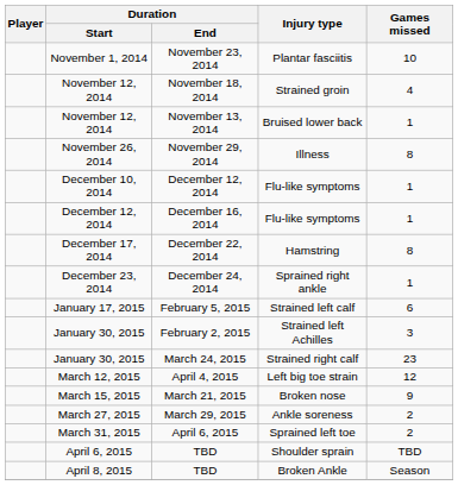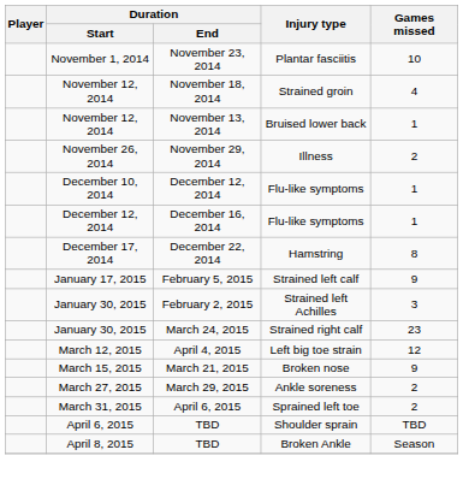 <table class="wikitable sortable collapsible" style="text-align:center;">
 <tr>
 <th rowspan="2">Player</th>
 <th colspan="2">Duration</th>
 <th rowspan="2">Injury type</th>
 <th rowspan="2">Games missed</th>
 </tr>
 <tr>
 <th>Start</th>
 <th>End</th>
 </tr>
 <tr>
 <td></td>
 <td>November 1, 2014</td>
 <td>November 23, 2014</td>
 <td>Plantar fasciitis</td>
 <td>10</td>
 </tr>
 <tr>
 <td></td>
 <td>November 12, 2014</td>
 <td>November 18, 2014</td>
 <td>Strained groin</td>
 <td>4</td>
 </tr>
 <tr>
 <td></td>
 <td>November 12, 2014</td>
 <td>November 13, 2014</td>
 <td>Bruised lower back</td>
 <td>1</td>
 </tr>
 <tr>
 <td></td>
 <td>November 26, 2014</td>
 <td>November 29, 2014</td>
 <td>Illness</td>
-<td>8</td>
+<td>2</td>
 </tr>
 <tr>
 <td></td>
 <td>December 10, 2014</td>
 <td>December 12, 2014</td>
 <td>Flu-like symptoms</td>
 <td>1</td>
 </tr>
 <tr>
 <td></td>
 <td>December 12, 2014</td>
 <td>December 16, 2014</td>
 <td>Flu-like symptoms</td>
 <td>1</td>
 </tr>
 <tr>
 <td></td>
 <td>December 17, 2014</td>
 <td>December 22, 2014</td>
 <td>Hamstring</td>
 <td>8</td>
 </tr>
 <tr>
 <td></td>
-<td>December 23, 2014</td>
-<td>December 24, 2014</td>
-<td>Sprained right ankle</td>
-<td>1</td>
-</tr>
-<tr>
-<td></td>
 <td>January 17, 2015</td>
 <td>February 5, 2015</td>
 <td>Strained left calf</td>
-<td>6</td>
+<td>9</td>
 </tr>
 <tr>
 <td></td>
 <td>January 30, 2015</td>
 <td>February 2, 2015</td>
 <td>Strained left Achilles</td>
 <td>3</td>
 </tr>
 <tr>
 <td></td>
 <td>January 30, 2015</td>
 <td>March 24, 2015</td>
 <td>Strained right calf</td>
 <td>23</td>
 </tr>
 <tr>
 <td></td>
 <td>March 12, 2015</td>
 <td>April 4, 2015</td>
 <td>Left big toe strain</td>
 <td>12</td>
 </tr>
 <tr>
 <td></td>
 <td>March 15, 2015</td>
 <td>March 21, 2015</td>
 <td>Broken nose</td>
 <td>9</td>
 </tr>
 <tr>
 <td></td>
 <td>March 27, 2015</td>
 <td>March 29, 2015</td>
 <td>Ankle soreness</td>
 <td>2</td>
 </tr>
 <tr>
 <td></td>
 <td>March 31, 2015</td>
 <td>April 6, 2015</td>
 <td>Sprained left toe</td>
 <td>2</td>
 </tr>
 <tr>
 <td></td>
 <td>April 6, 2015</td>
 <td>TBD</td>
 <td>Shoulder sprain</td>
 <td>TBD</td>
 </tr>
 <tr>
 <td></td>
 <td>April 8, 2015</td>
 <td>TBD</td>
 <td>Broken Ankle</td>
 <td>Season</td>
 </tr>
 <tr>
 </tr>
 </table>
